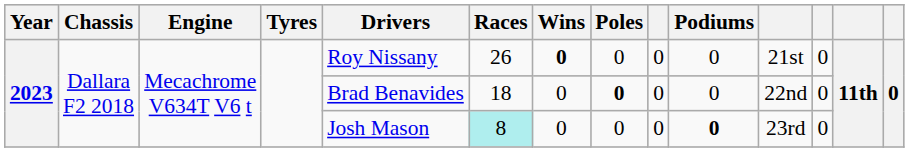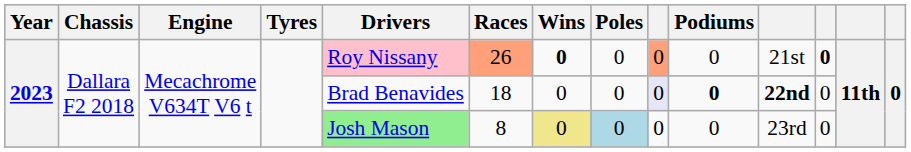 <table class="wikitable" style="text-align:center; font-size:85%">
 <tr>
 <th>Year</th>
 <th>Chassis</th>
 <th>Engine</th>
 <th>Tyres</th>
 <th>Drivers</th>
 <th>Races</th>
 <th>Wins</th>
 <th>Poles</th>
 <th></th>
 <th>Podiums</th>
 <th></th>
 <th></th>
 <th></th>
 <th></th>
 </tr>
 <tr>
 <th rowspan=3><a href='#'>2023</a></th>
 <td rowspan=3><a href='#'>Dallara</a><br><a href='#'>F2 2018</a></td>
 <td rowspan=3><a href='#'>Mecachrome</a><br><a href='#'>V634T</a> <a href='#'>V6</a> <a href='#'>t</a></td>
 <td rowspan=3></td>
-<td align=left> <a href='#'>Roy Nissany</a></td>
-<td>26</td>
+<td align=left style="background: pink;"> <a href='#'>Roy Nissany</a></td>
+<td style="background: lightsalmon;">26</td>
 <td><strong>0</strong></td>
 <td>0</td>
-<td>0</td>
+<td style="background: lightsalmon;">0</td>
 <td>0</td>
 <td style="background:#;">21st</td>
-<td style="background:#;">0</td>
+<td style="background:#;"><strong>0</strong></td>
 <th rowspan=3 style="background:#;">11th</th>
 <th rowspan=3 style="background:#;">0</th>
 </tr>
 <tr>
 <td align=left> <a href='#'>Brad Benavides</a></td>
 <td>18</td>
 <td>0</td>
+<td>0</td>
+<td style="background: lavender;">0</td>
 <td><strong>0</strong></td>
-<td>0</td>
-<td>0</td>
-<td style="background:;">22nd</td>
+<td style="background:;"><strong>22nd</strong></td>
 <td style="background:;">0</td>
 </tr>
 <tr>
-<td align=left> <a href='#'>Josh Mason</a></td>
-<td style="background: paleturquoise;">8</td>
+<td align=left style="background: lightgreen;"> <a href='#'>Josh Mason</a></td>
+<td>8</td>
+<td style="background: khaki;">0</td>
+<td style="background: lightblue;">0</td>
 <td>0</td>
 <td>0</td>
-<td>0</td>
-<td><strong>0</strong></td>
 <td style="background:;">23rd</td>
 <td style="background:;">0</td>
 </tr>
 </table>
